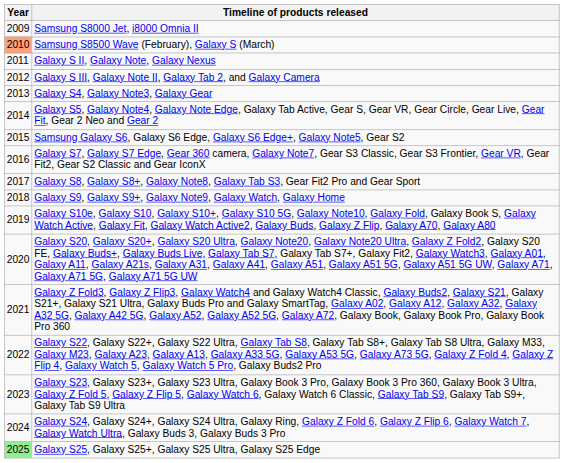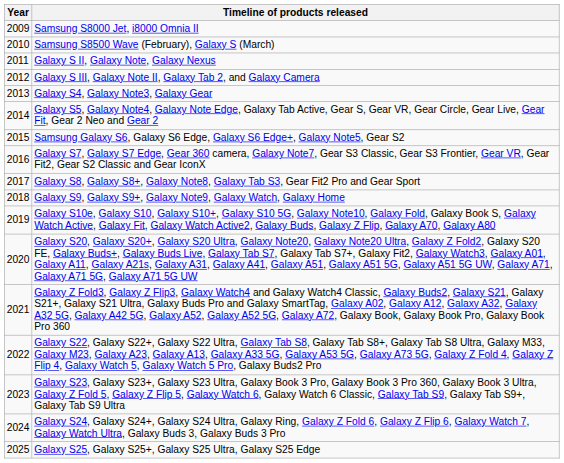 <table class="wikitable">
 <tr>
 <th>Year</th>
 <th>Timeline of products released</th>
 </tr>
 <tr>
 <td>2009</td>
 <td><a href='#'>Samsung S8000 Jet</a>, <a href='#'>i8000 Omnia II</a></td>
 </tr>
 <tr>
-<td style="background: lightsalmon;">2010</td>
+<td>2010</td>
 <td><a href='#'>Samsung S8500 Wave</a> (February), <a href='#'>Galaxy S</a> (March)</td>
 </tr>
 <tr>
 <td>2011</td>
 <td><a href='#'>Galaxy S II</a>, <a href='#'>Galaxy Note</a>, <a href='#'>Galaxy Nexus</a></td>
 </tr>
 <tr>
 <td>2012</td>
 <td><a href='#'>Galaxy S III</a>, <a href='#'>Galaxy Note II</a>, <a href='#'>Galaxy Tab 2</a>, and <a href='#'>Galaxy Camera</a></td>
 </tr>
 <tr>
 <td>2013</td>
 <td><a href='#'>Galaxy S4</a>, <a href='#'>Galaxy Note3</a>, <a href='#'>Galaxy Gear</a></td>
 </tr>
 <tr>
 <td>2014</td>
 <td><a href='#'>Galaxy S5</a>, <a href='#'>Galaxy Note4</a>, <a href='#'>Galaxy Note Edge</a>, Galaxy Tab Active, Gear S, Gear VR, Gear Circle, Gear Live, <a href='#'>Gear Fit</a>, Gear 2 Neo and <a href='#'>Gear 2</a></td>
 </tr>
 <tr>
 <td>2015</td>
 <td><a href='#'>Samsung Galaxy S6</a>, Galaxy S6 Edge, <a href='#'>Galaxy S6 Edge+</a>, <a href='#'>Galaxy Note5</a>, Gear S2</td>
 </tr>
 <tr>
 <td>2016</td>
 <td><a href='#'>Galaxy S7</a>, <a href='#'>Galaxy S7 Edge</a>, <a href='#'>Gear 360</a> camera, <a href='#'>Galaxy Note7</a>, Gear S3 Classic, Gear S3 Frontier, <a href='#'>Gear VR</a>, Gear Fit2, Gear S2 Classic and Gear IconX</td>
 </tr>
 <tr>
 <td>2017</td>
 <td><a href='#'>Galaxy S8</a>, <a href='#'>Galaxy S8+</a>, <a href='#'>Galaxy Note8</a>, <a href='#'>Galaxy Tab S3</a>, Gear Fit2 Pro and Gear Sport</td>
 </tr>
 <tr>
 <td>2018</td>
 <td><a href='#'>Galaxy S9</a>, <a href='#'>Galaxy S9+</a>, <a href='#'>Galaxy Note9</a>, <a href='#'>Galaxy Watch</a>, <a href='#'>Galaxy Home</a></td>
 </tr>
 <tr>
 <td>2019</td>
 <td><a href='#'>Galaxy S10e</a>, <a href='#'>Galaxy S10</a>, <a href='#'>Galaxy S10+</a>, <a href='#'>Galaxy S10 5G</a>, <a href='#'>Galaxy Note10</a>, <a href='#'>Galaxy Fold</a>, Galaxy Book S, <a href='#'>Galaxy Watch Active</a>, <a href='#'>Galaxy Fit</a>, <a href='#'>Galaxy Watch Active2</a>, <a href='#'>Galaxy Buds</a>, <a href='#'>Galaxy Z Flip</a>, <a href='#'>Galaxy A70</a>, <a href='#'>Galaxy A80</a></td>
 </tr>
 <tr>
 <td>2020</td>
 <td><a href='#'>Galaxy S20</a>, <a href='#'>Galaxy S20+</a>, <a href='#'>Galaxy S20 Ultra</a>, <a href='#'>Galaxy Note20</a>, <a href='#'>Galaxy Note20 Ultra</a>, <a href='#'>Galaxy Z Fold2</a>, Galaxy S20 FE, <a href='#'>Galaxy Buds+</a>, <a href='#'>Galaxy Buds Live</a>, <a href='#'>Galaxy Tab S7</a>, Galaxy Tab S7+, Galaxy Fit2, <a href='#'>Galaxy Watch3</a>, <a href='#'>Galaxy A01</a>, <a href='#'>Galaxy A11</a>, <a href='#'>Galaxy A21s</a>, <a href='#'>Galaxy A31</a>, <a href='#'>Galaxy A41</a>, <a href='#'>Galaxy A51</a>, <a href='#'>Galaxy A51 5G</a>, <a href='#'>Galaxy A51 5G UW</a>, <a href='#'>Galaxy A71</a>, <a href='#'>Galaxy A71 5G</a>, <a href='#'>Galaxy A71 5G UW</a></td>
 </tr>
 <tr>
 <td>2021</td>
 <td><a href='#'>Galaxy Z Fold3</a>, <a href='#'>Galaxy Z Flip3</a>, <a href='#'>Galaxy Watch4</a> and Galaxy Watch4 Classic, <a href='#'>Galaxy Buds2</a>, <a href='#'>Galaxy S21</a>, Galaxy S21+, Galaxy S21 Ultra, Galaxy Buds Pro and Galaxy SmartTag, <a href='#'>Galaxy A02</a>, <a href='#'>Galaxy A12</a>, <a href='#'>Galaxy A32</a>, <a href='#'>Galaxy A32 5G</a>, <a href='#'>Galaxy A42 5G</a>, <a href='#'>Galaxy A52</a>, <a href='#'>Galaxy A52 5G</a>, <a href='#'>Galaxy A72</a>, Galaxy Book, Galaxy Book Pro, Galaxy Book Pro 360</td>
 </tr>
 <tr>
 <td>2022</td>
 <td><a href='#'>Galaxy S22</a>, Galaxy S22+, Galaxy S22 Ultra, <a href='#'>Galaxy Tab S8</a>, Galaxy Tab S8+, Galaxy Tab S8 Ultra, Galaxy M33, <a href='#'>Galaxy M23</a>, <a href='#'>Galaxy A23</a>, <a href='#'>Galaxy A13</a>, <a href='#'>Galaxy A33 5G</a>, <a href='#'>Galaxy A53 5G</a>, <a href='#'>Galaxy A73 5G</a>, <a href='#'>Galaxy Z Fold 4</a>, <a href='#'>Galaxy Z Flip 4</a>, <a href='#'>Galaxy Watch 5</a>, <a href='#'>Galaxy Watch 5 Pro</a>, Galaxy Buds2 Pro</td>
 </tr>
 <tr>
 <td>2023</td>
 <td><a href='#'>Galaxy S23</a>, Galaxy S23+, Galaxy S23 Ultra, Galaxy Book 3 Pro, Galaxy Book 3 Pro 360, Galaxy Book 3 Ultra, <a href='#'>Galaxy Z Fold 5</a>, <a href='#'>Galaxy Z Flip 5</a>, <a href='#'>Galaxy Watch 6</a>, Galaxy Watch 6 Classic, <a href='#'>Galaxy Tab S9</a>, Galaxy Tab S9+, Galaxy Tab S9 Ultra</td>
 </tr>
 <tr>
 <td>2024</td>
 <td><a href='#'>Galaxy S24</a>, Galaxy S24+, Galaxy S24 Ultra, Galaxy Ring, <a href='#'>Galaxy Z Fold 6</a>, <a href='#'>Galaxy Z Flip 6</a>, <a href='#'>Galaxy Watch 7</a>, <a href='#'>Galaxy Watch Ultra</a>, Galaxy Buds 3, Galaxy Buds 3 Pro</td>
 </tr>
 <tr>
-<td style="background: lightgreen;">2025</td>
+<td>2025</td>
 <td><a href='#'>Galaxy S25</a>, Galaxy S25+, Galaxy S25 Ultra, Galaxy S25 Edge</td>
 </tr>
 </table>
